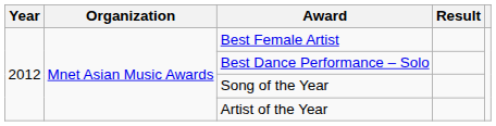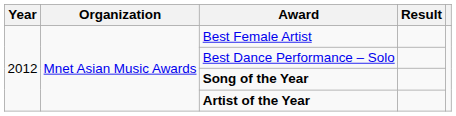 <table class="wikitable plainrowheaders">
 <tr>
 <th scope="col">Year</th>
 <th scope="col">Organization</th>
 <th scope="col">Award</th>
 <th scope="col">Result</th>
 <th class="unsortable"></th>
 </tr>
 <tr>
 <td rowspan="4">2012</td>
 <td rowspan="4"><a href='#'>Mnet Asian Music Awards</a></td>
 <td><a href='#'>Best Female Artist</a></td>
 <td></td>
 <td align="center" rowspan="4"></td>
 </tr>
 <tr>
 <td><a href='#'>Best Dance Performance – Solo</a></td>
 <td></td>
 </tr>
 <tr>
-<td>Song of the Year</td>
+<td><strong>Song of the Year</strong></td>
 <td></td>
 </tr>
 <tr>
-<td>Artist of the Year</td>
+<td><strong>Artist of the Year</strong></td>
 <td></td>
 </tr>
 </table>
